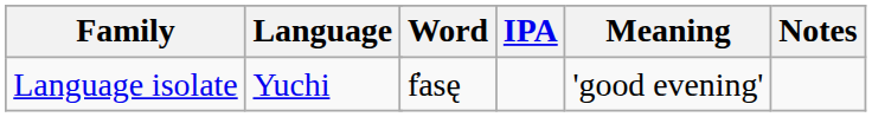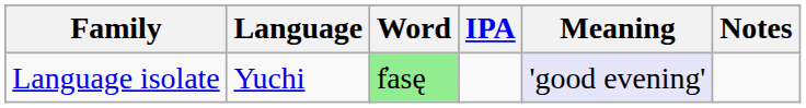 <table class="wikitable">
 <tr>
 <th>Family</th>
 <th colspan="2">Language</th>
 <th>Word</th>
 <th><a href='#'>IPA</a></th>
 <th>Meaning</th>
 <th>Notes</th>
 </tr>
 <tr>
 <td><a href='#'>Language isolate</a></td>
 <td colspan="2"><a href='#'>Yuchi</a></td>
-<td>f̓asę</td>
+<td style="background: lightgreen;">f̓asę</td>
 <td></td>
-<td>'good evening'</td>
+<td style="background: lavender;">'good evening'</td>
 <td></td>
 </tr>
 </table>
